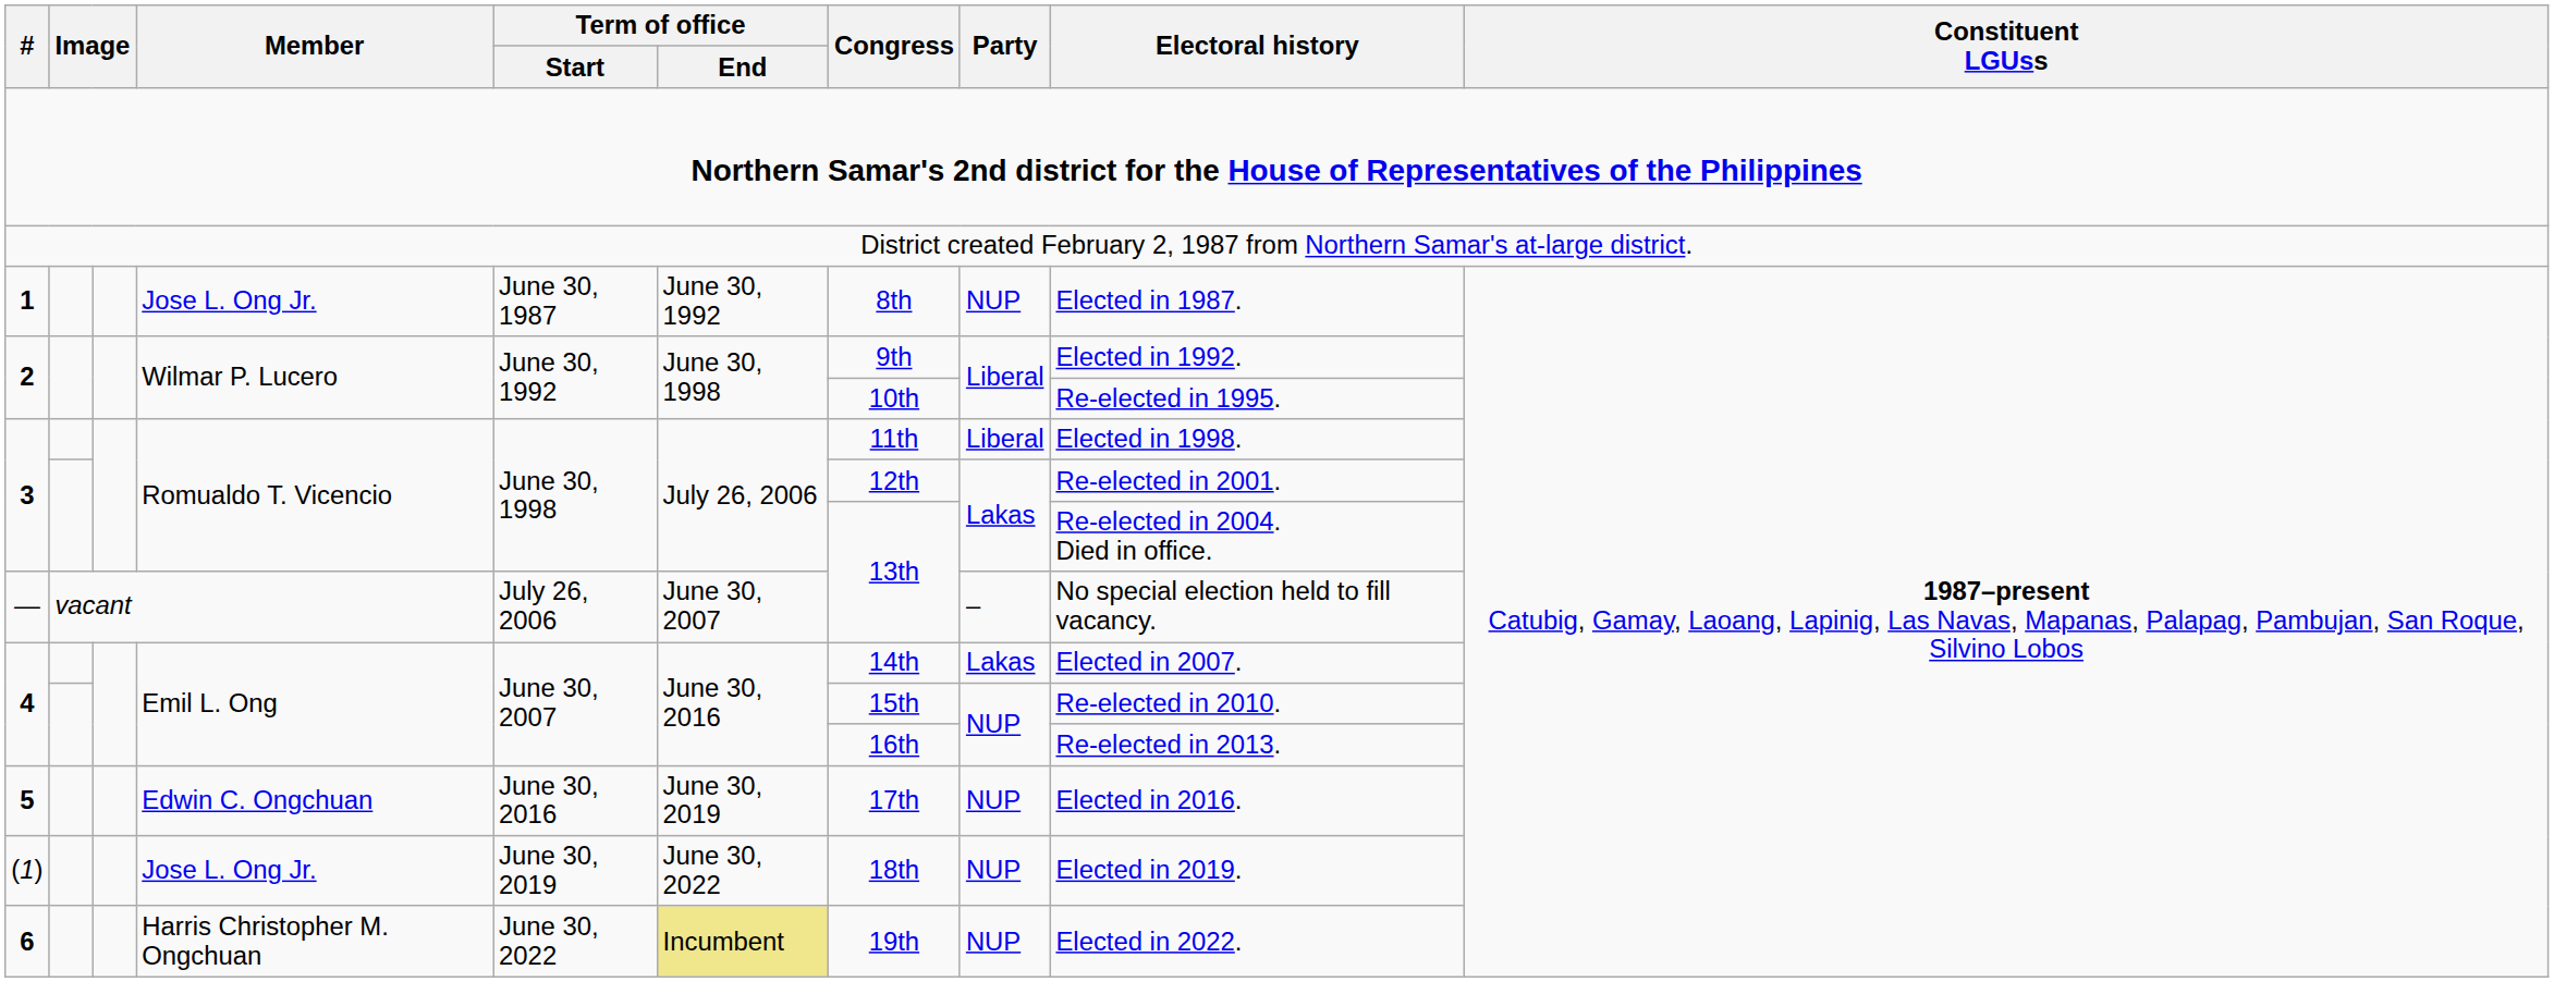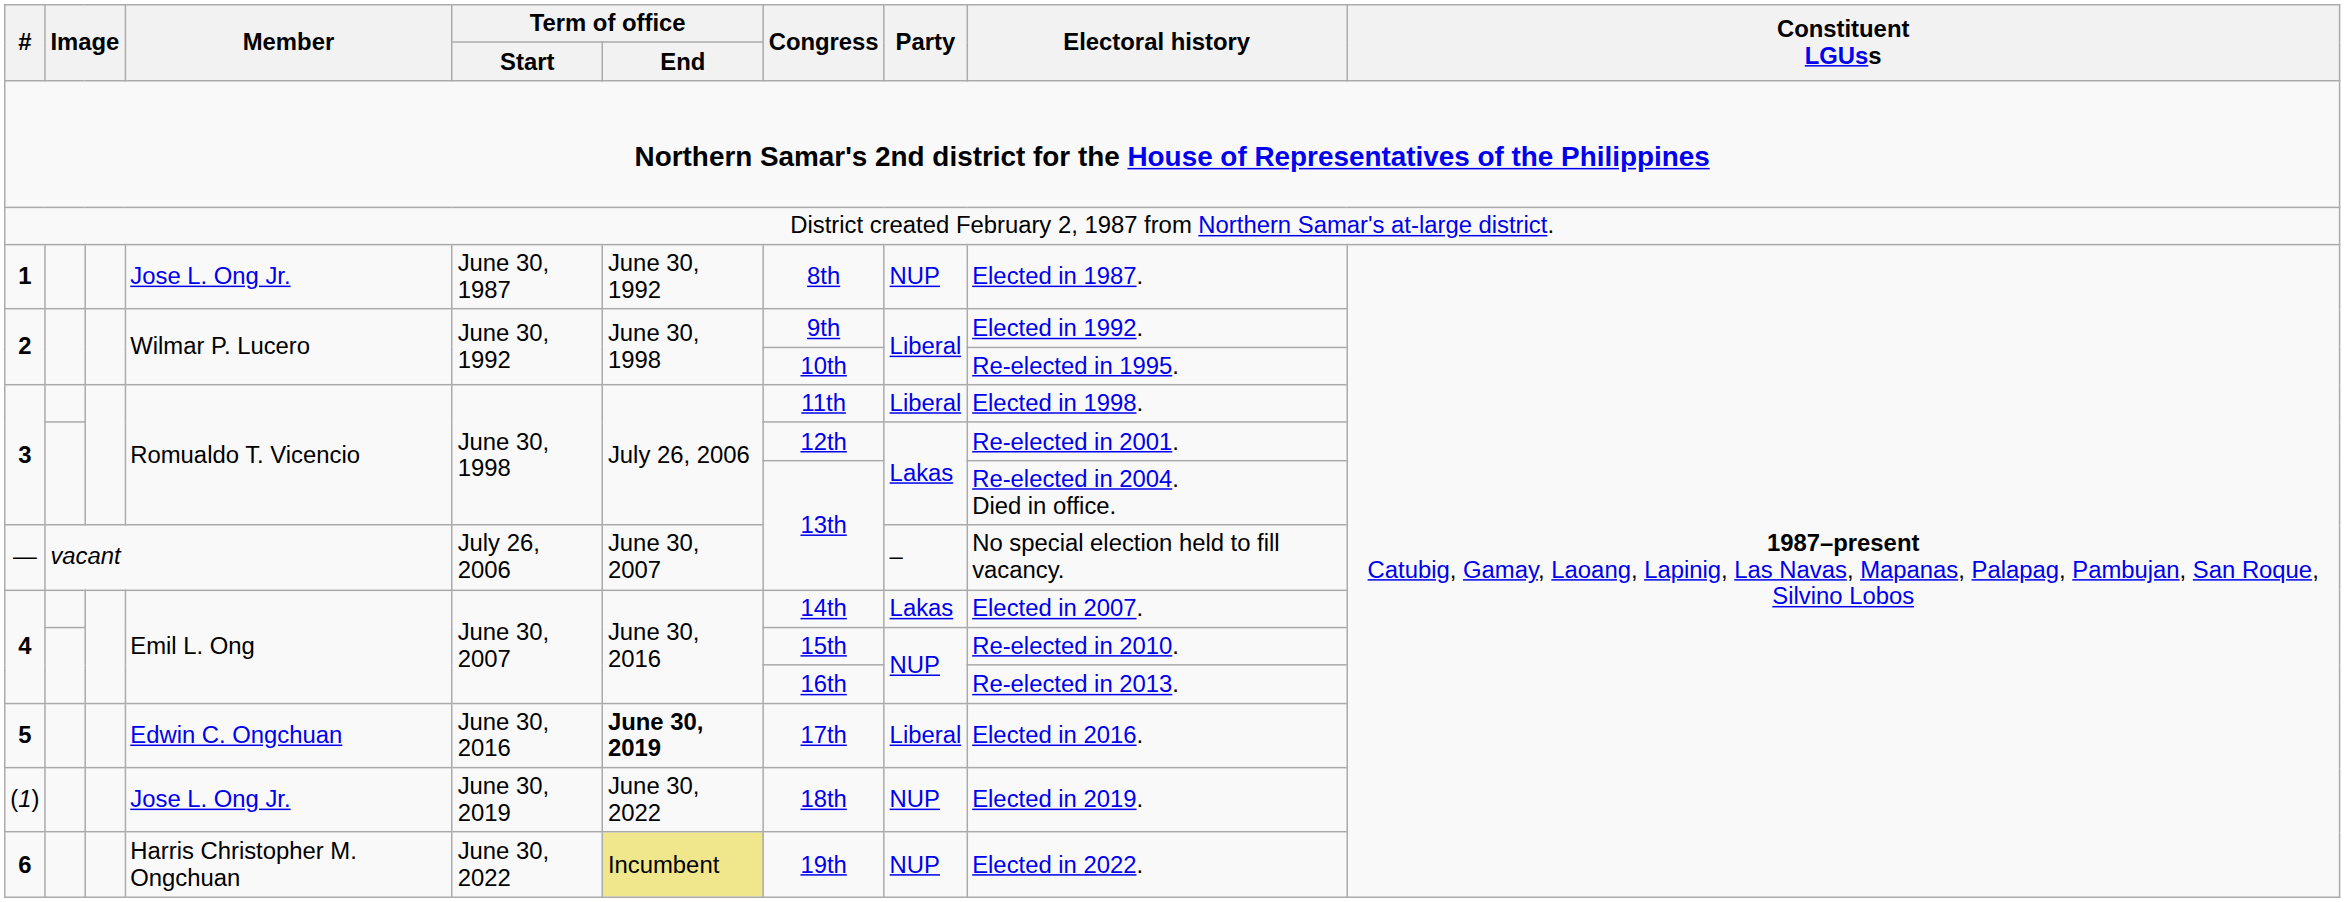 <table class=wikitable>
 <tr>
 <th rowspan="2">#</th>
 <th rowspan="2" colspan=2>Image</th>
 <th rowspan="2">Member</th>
 <th colspan=2>Term of office</th>
 <th rowspan="2">Congress</th>
 <th rowspan="2">Party</th>
 <th rowspan="2">Electoral history</th>
 <th rowspan="2">Constituent<br><a href='#'>LGUs</a>s</th>
 </tr>
 <tr>
 <th>Start</th>
 <th>End</th>
 </tr>
 <tr>
 <td colspan="10" style="text-align:center;"><br><h3>Northern Samar's 2nd district for the <a href='#'>House of Representatives of the Philippines</a></h3></td>
 </tr>
 <tr>
 <td colspan="10" style="text-align:center;">District created February 2, 1987 from <a href='#'>Northern Samar's at-large district</a>.</td>
 </tr>
 <tr>
 <td style="text-align:center;"><strong>1</strong></td>
 <td style="color:inherit;background:"></td>
 <td></td>
 <td><a href='#'>Jose L. Ong Jr.</a></td>
 <td>June 30, 1987</td>
 <td>June 30, 1992</td>
 <td style="text-align:center;"><a href='#'>8th</a></td>
 <td><a href='#'>NUP</a></td>
 <td><a href='#'>Elected in 1987</a>.</td>
 <td rowspan=99 style="text-align:center;"><strong>1987–present</strong><br><a href='#'>Catubig</a>, <a href='#'>Gamay</a>, <a href='#'>Laoang</a>, <a href='#'>Lapinig</a>, <a href='#'>Las Navas</a>, <a href='#'>Mapanas</a>, <a href='#'>Palapag</a>, <a href='#'>Pambujan</a>, <a href='#'>San Roque</a>, <a href='#'>Silvino Lobos</a></td>
 </tr>
 <tr>
 <td rowspan="2" style="text-align:center;"><strong>2</strong></td>
 <td rowspan="2" style="color:inherit;background:"></td>
 <td rowspan="2"></td>
 <td rowspan="2">Wilmar P. Lucero</td>
 <td rowspan="2">June 30, 1992</td>
 <td rowspan="2">June 30, 1998</td>
 <td style="text-align:center;"><a href='#'>9th</a></td>
 <td rowspan="2"><a href='#'>Liberal</a></td>
 <td><a href='#'>Elected in 1992</a>.</td>
 </tr>
 <tr>
 <td style="text-align:center;"><a href='#'>10th</a></td>
 <td><a href='#'>Re-elected in 1995</a>.</td>
 </tr>
 <tr>
 <td rowspan="3" style="text-align:center;"><strong>3</strong></td>
 <td style="color:inherit;background:"></td>
 <td rowspan="3"></td>
 <td rowspan="3">Romualdo T. Vicencio</td>
 <td rowspan="3">June 30, 1998</td>
 <td rowspan="3">July 26, 2006</td>
 <td style="text-align:center;"><a href='#'>11th</a></td>
 <td><a href='#'>Liberal</a></td>
 <td><a href='#'>Elected in 1998</a>.</td>
 </tr>
 <tr>
 <td rowspan="2" style="color:inherit;background:"></td>
 <td style="text-align:center;"><a href='#'>12th</a></td>
 <td rowspan="2"><a href='#'>Lakas</a></td>
 <td><a href='#'>Re-elected in 2001</a>.</td>
 </tr>
 <tr>
 <td rowspan="2" style="text-align:center;"><a href='#'>13th</a></td>
 <td><a href='#'>Re-elected in 2004</a>.<br>Died in office.</td>
 </tr>
 <tr>
 <td style="text-align:center;">—</td>
 <td colspan="3"><em>vacant</em></td>
 <td>July 26, 2006</td>
 <td>June 30, 2007</td>
 <td>–</td>
 <td>No special election held to fill vacancy.</td>
 </tr>
 <tr>
 <td rowspan="3" style="text-align:center;"><strong>4</strong></td>
 <td style="color:inherit;background:"></td>
 <td rowspan="3"></td>
 <td rowspan="3">Emil L. Ong</td>
 <td rowspan="3">June 30, 2007</td>
 <td rowspan="3">June 30, 2016</td>
 <td style="text-align:center;"><a href='#'>14th</a></td>
 <td><a href='#'>Lakas</a></td>
 <td><a href='#'>Elected in 2007</a>.</td>
 </tr>
 <tr>
 <td rowspan="2" style="color:inherit;background:"></td>
 <td style="text-align:center;"><a href='#'>15th</a></td>
 <td rowspan="2"><a href='#'>NUP</a></td>
 <td><a href='#'>Re-elected in 2010</a>.</td>
 </tr>
 <tr>
 <td style="text-align:center;"><a href='#'>16th</a></td>
 <td><a href='#'>Re-elected in 2013</a>.</td>
 </tr>
 <tr>
 <td style="text-align:center;"><strong>5</strong></td>
 <td style="color:inherit;background:"></td>
 <td></td>
 <td><a href='#'>Edwin C. Ongchuan</a></td>
 <td>June 30, 2016</td>
-<td>June 30, 2019</td>
+<td><strong>June 30, 2019</strong></td>
 <td style="text-align:center;"><a href='#'>17th</a></td>
-<td><a href='#'>NUP</a></td>
+<td><a href='#'>Liberal</a></td>
 <td><a href='#'>Elected in 2016</a>.</td>
 </tr>
 <tr>
 <td style="text-align:center;">(<em>1</em>)</td>
 <td style="color:inherit;background:"></td>
 <td></td>
 <td><a href='#'>Jose L. Ong Jr.</a></td>
 <td>June 30, 2019</td>
 <td>June 30, 2022</td>
 <td style="text-align:center;"><a href='#'>18th</a></td>
 <td><a href='#'>NUP</a></td>
 <td><a href='#'>Elected in 2019</a>.</td>
 </tr>
 <tr>
 <td style="text-align:center;"><strong>6</strong></td>
 <td style="color:inherit;background:"></td>
 <td></td>
 <td>Harris Christopher M. Ongchuan</td>
 <td>June 30, 2022</td>
 <td style="background: khaki;">Incumbent</td>
 <td style="text-align:center;"><a href='#'>19th</a></td>
 <td><a href='#'>NUP</a></td>
 <td><a href='#'>Elected in 2022</a>.</td>
 </tr>
 </table>
